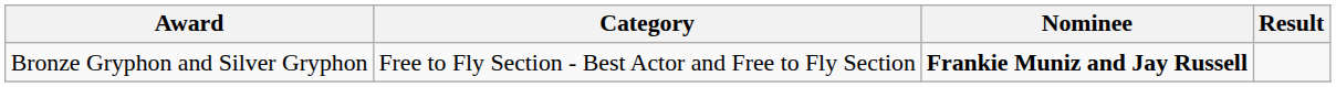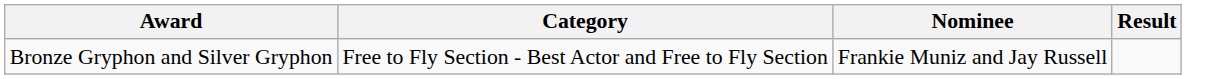 <table class="wikitable sortable">
 <tr>
 <th>Award</th>
 <th>Category</th>
 <th>Nominee</th>
 <th>Result</th>
 </tr>
 <tr>
 <td rowspan="2">Bronze Gryphon and Silver Gryphon</td>
 <td>Free to Fly Section - Best Actor and Free to Fly Section</td>
-<td><strong>Frankie Muniz and Jay Russell</strong></td>
+<td>Frankie Muniz and Jay Russell</td>
 <td></td>
 </tr>
 </table>
